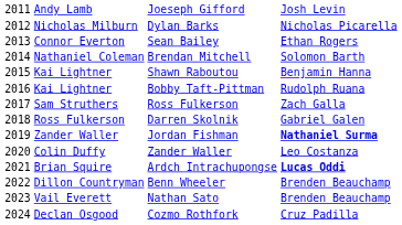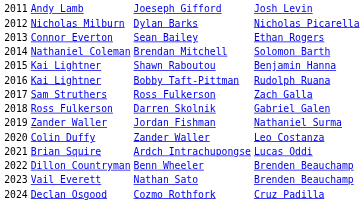 <table>
 <tr>
 <td style="text-align:center;">2011</td>
 <td><a href='#'>Andy Lamb</a></td>
 <td><a href='#'>Joeseph Gifford</a></td>
 <td><a href='#'>Josh Levin</a></td>
 </tr>
 <tr>
 <td style="text-align:center;">2012</td>
 <td><a href='#'>Nicholas Milburn</a></td>
 <td><a href='#'>Dylan Barks</a></td>
 <td><a href='#'>Nicholas Picarella</a></td>
 </tr>
 <tr>
 <td style="text-align:center;">2013</td>
 <td><a href='#'>Connor Everton</a></td>
 <td><a href='#'>Sean Bailey</a></td>
 <td><a href='#'>Ethan Rogers</a></td>
 </tr>
 <tr>
 <td style="text-align:center;">2014</td>
 <td><a href='#'>Nathaniel Coleman</a></td>
 <td><a href='#'>Brendan Mitchell</a></td>
 <td><a href='#'>Solomon Barth</a></td>
 </tr>
 <tr>
 <td style="text-align:center;">2015</td>
 <td><a href='#'>Kai Lightner</a></td>
 <td><a href='#'>Shawn Raboutou</a></td>
 <td><a href='#'>Benjamin Hanna</a></td>
 </tr>
 <tr>
 <td style="text-align:center;">2016</td>
 <td><a href='#'>Kai Lightner</a></td>
 <td><a href='#'>Bobby Taft-Pittman</a></td>
 <td><a href='#'>Rudolph Ruana</a></td>
 </tr>
 <tr>
 <td style="text-align:center;">2017</td>
 <td><a href='#'>Sam Struthers</a></td>
 <td><a href='#'>Ross Fulkerson</a></td>
 <td><a href='#'>Zach Galla</a></td>
 </tr>
 <tr>
 <td style="text-align:center;">2018</td>
 <td><a href='#'>Ross Fulkerson</a></td>
 <td><a href='#'>Darren Skolnik</a></td>
 <td><a href='#'>Gabriel Galen</a></td>
 </tr>
 <tr>
 <td style="text-align:center;">2019</td>
 <td><a href='#'>Zander Waller</a></td>
 <td><a href='#'>Jordan Fishman</a></td>
-<td><strong><a href='#'>Nathaniel Surma</a></strong></td>
+<td><a href='#'>Nathaniel Surma</a></td>
 </tr>
 <tr>
 <td style="text-align:center;">2020</td>
 <td><a href='#'>Colin Duffy</a></td>
 <td><a href='#'>Zander Waller</a></td>
 <td><a href='#'>Leo Costanza</a></td>
 </tr>
 <tr>
 <td style="text-align:center;">2021</td>
 <td><a href='#'>Brian Squire</a></td>
 <td><a href='#'>Ardch Intrachupongse</a></td>
-<td><strong><a href='#'>Lucas Oddi</a></strong></td>
+<td><a href='#'>Lucas Oddi</a></td>
 </tr>
 <tr>
 <td style="text-align:center;">2022</td>
 <td><a href='#'>Dillon Countryman</a></td>
 <td><a href='#'>Benn Wheeler</a></td>
 <td><a href='#'>Brenden Beauchamp</a></td>
 </tr>
 <tr>
 <td style="text-align:center;">2023</td>
 <td><a href='#'>Vail Everett</a></td>
 <td><a href='#'>Nathan Sato</a></td>
 <td><a href='#'>Brenden Beauchamp</a></td>
 </tr>
 <tr>
 <td style="text-align:center;">2024</td>
 <td><a href='#'>Declan Osgood</a></td>
 <td><a href='#'>Cozmo Rothfork</a></td>
 <td><a href='#'>Cruz Padilla</a></td>
 </tr>
 </table>
